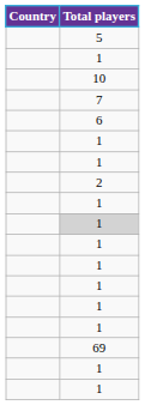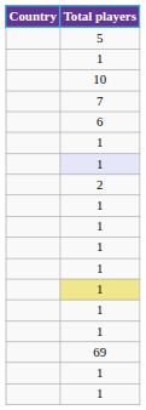 <table class="wikitable sortable" style="text-align:center">
 <tr>
 <th style="background-color:#633394; color:#FFFFFF; border: 2px solid #3aadd9;" scope="col">Country</th>
 <th style="background-color:#633394; color:#FFFFFF; border: 2px solid #3aadd9;" scope="col">Total players</th>
 </tr>
 <tr>
 <td align="left"></td>
 <td>5</td>
 </tr>
 <tr>
 <td align="left"></td>
 <td>1</td>
 </tr>
 <tr>
 <td align="left"></td>
 <td>10</td>
 </tr>
 <tr>
 <td align="left"></td>
 <td>7</td>
 </tr>
 <tr>
 <td align="left"></td>
 <td>6</td>
 </tr>
 <tr>
 <td align="left"></td>
 <td>1</td>
 </tr>
 <tr>
 <td align="left"></td>
-<td>1</td>
+<td style="background: lavender;">1</td>
 </tr>
 <tr>
 <td align="left"></td>
 <td>2</td>
-</tr>
-<tr>
-<td align="left"></td>
-<td>1</td>
-</tr>
-<tr>
-<td align="left"></td>
-<td style="background: lightgrey;">1</td>
 </tr>
 <tr>
 <td align="left"></td>
 <td>1</td>
 </tr>
 <tr>
 <td align="left"></td>
 <td>1</td>
 </tr>
 <tr>
 <td align="left"></td>
 <td>1</td>
+</tr>
+<tr>
+<td align="left"></td>
+<td>1</td>
+</tr>
+<tr>
+<td align="left"></td>
+<td style="background: khaki;">1</td>
 </tr>
 <tr>
 <td align="left"></td>
 <td>1</td>
 </tr>
 <tr>
 <td align="left"></td>
 <td>1</td>
 </tr>
 <tr>
 <td align="left"></td>
 <td>69</td>
 </tr>
 <tr>
 <td align="left"></td>
 <td>1</td>
 </tr>
 <tr>
 <td align="left"></td>
 <td>1</td>
 </tr>
 </table>
